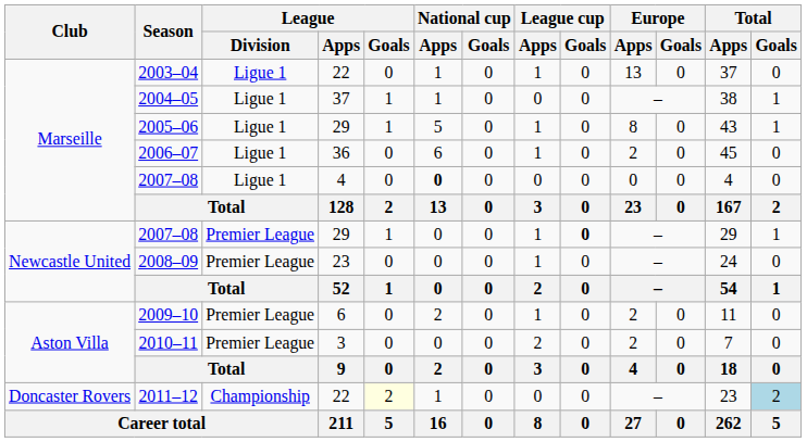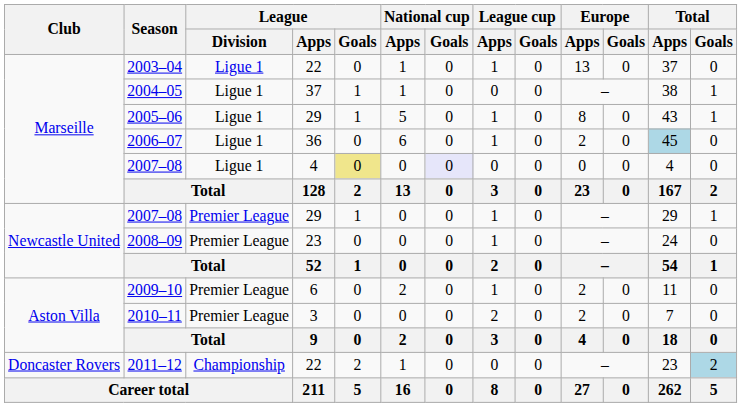 <table class="wikitable" style="text-align: center">
 <tr>
 <th rowspan="2">Club</th>
 <th rowspan="2">Season</th>
 <th colspan="3">League</th>
 <th colspan="2">National cup</th>
 <th colspan="2">League cup</th>
 <th colspan="2">Europe</th>
 <th colspan="2">Total</th>
 </tr>
 <tr>
 <th>Division</th>
 <th>Apps</th>
 <th>Goals</th>
 <th>Apps</th>
 <th>Goals</th>
 <th>Apps</th>
 <th>Goals</th>
 <th>Apps</th>
 <th>Goals</th>
 <th>Apps</th>
 <th>Goals</th>
 </tr>
 <tr>
 <td rowspan="6"><a href='#'>Marseille</a></td>
 <td><a href='#'>2003–04</a></td>
 <td><a href='#'>Ligue 1</a></td>
 <td>22</td>
 <td>0</td>
 <td>1</td>
 <td>0</td>
 <td>1</td>
 <td>0</td>
 <td>13</td>
 <td>0</td>
 <td>37</td>
 <td>0</td>
 </tr>
 <tr>
 <td><a href='#'>2004–05</a></td>
 <td>Ligue 1</td>
 <td>37</td>
 <td>1</td>
 <td>1</td>
 <td>0</td>
 <td>0</td>
 <td>0</td>
 <td colspan="2">–</td>
 <td>38</td>
 <td>1</td>
 </tr>
 <tr>
 <td><a href='#'>2005–06</a></td>
 <td>Ligue 1</td>
 <td>29</td>
 <td>1</td>
 <td>5</td>
 <td>0</td>
 <td>1</td>
 <td>0</td>
 <td>8</td>
 <td>0</td>
 <td>43</td>
 <td>1</td>
 </tr>
 <tr>
 <td><a href='#'>2006–07</a></td>
 <td>Ligue 1</td>
 <td>36</td>
 <td>0</td>
 <td>6</td>
 <td>0</td>
 <td>1</td>
 <td>0</td>
 <td>2</td>
 <td>0</td>
-<td>45</td>
+<td style="background: lightblue;">45</td>
 <td>0</td>
 </tr>
 <tr>
 <td><a href='#'>2007–08</a></td>
 <td>Ligue 1</td>
 <td>4</td>
+<td style="background: khaki;">0</td>
 <td>0</td>
-<td><strong>0</strong></td>
-<td>0</td>
+<td style="background: lavender;">0</td>
 <td>0</td>
 <td>0</td>
 <td>0</td>
 <td>0</td>
 <td>4</td>
 <td>0</td>
 </tr>
 <tr>
 <th colspan="2">Total</th>
 <th>128</th>
 <th>2</th>
 <th>13</th>
 <th>0</th>
 <th>3</th>
 <th>0</th>
 <th>23</th>
 <th>0</th>
 <th>167</th>
 <th>2</th>
 </tr>
 <tr>
 <td rowspan="3"><a href='#'>Newcastle United</a></td>
 <td><a href='#'>2007–08</a></td>
 <td><a href='#'>Premier League</a></td>
 <td>29</td>
 <td>1</td>
 <td>0</td>
 <td>0</td>
 <td>1</td>
-<td><strong>0</strong></td>
+<td>0</td>
 <td colspan="2">–</td>
 <td>29</td>
 <td>1</td>
 </tr>
 <tr>
 <td><a href='#'>2008–09</a></td>
 <td>Premier League</td>
 <td>23</td>
 <td>0</td>
 <td>0</td>
 <td>0</td>
 <td>1</td>
 <td>0</td>
 <td colspan="2">–</td>
 <td>24</td>
 <td>0</td>
 </tr>
 <tr>
 <th colspan="2">Total</th>
 <th>52</th>
 <th>1</th>
 <th>0</th>
 <th>0</th>
 <th>2</th>
 <th>0</th>
 <th colspan="2">–</th>
 <th>54</th>
 <th>1</th>
 </tr>
 <tr>
 <td rowspan="3"><a href='#'>Aston Villa</a></td>
 <td><a href='#'>2009–10</a></td>
 <td>Premier League</td>
 <td>6</td>
 <td>0</td>
 <td>2</td>
 <td>0</td>
 <td>1</td>
 <td>0</td>
 <td>2</td>
 <td>0</td>
 <td>11</td>
 <td>0</td>
 </tr>
 <tr>
 <td><a href='#'>2010–11</a></td>
 <td>Premier League</td>
 <td>3</td>
 <td>0</td>
 <td>0</td>
 <td>0</td>
 <td>2</td>
 <td>0</td>
 <td>2</td>
 <td>0</td>
 <td>7</td>
 <td>0</td>
 </tr>
 <tr>
 <th colspan="2">Total</th>
 <th>9</th>
 <th>0</th>
 <th>2</th>
 <th>0</th>
 <th>3</th>
 <th>0</th>
 <th>4</th>
 <th>0</th>
 <th>18</th>
 <th>0</th>
 </tr>
 <tr>
 <td><a href='#'>Doncaster Rovers</a></td>
 <td><a href='#'>2011–12</a></td>
 <td><a href='#'>Championship</a></td>
 <td>22</td>
-<td style="background: lightyellow;">2</td>
+<td>2</td>
 <td>1</td>
 <td>0</td>
 <td>0</td>
 <td>0</td>
 <td colspan="2">–</td>
 <td>23</td>
 <td style="background: lightblue;">2</td>
 </tr>
 <tr>
 <th colspan="3">Career total</th>
 <th>211</th>
 <th>5</th>
 <th>16</th>
 <th>0</th>
 <th>8</th>
 <th>0</th>
 <th>27</th>
 <th>0</th>
 <th>262</th>
 <th>5</th>
 </tr>
 </table>
